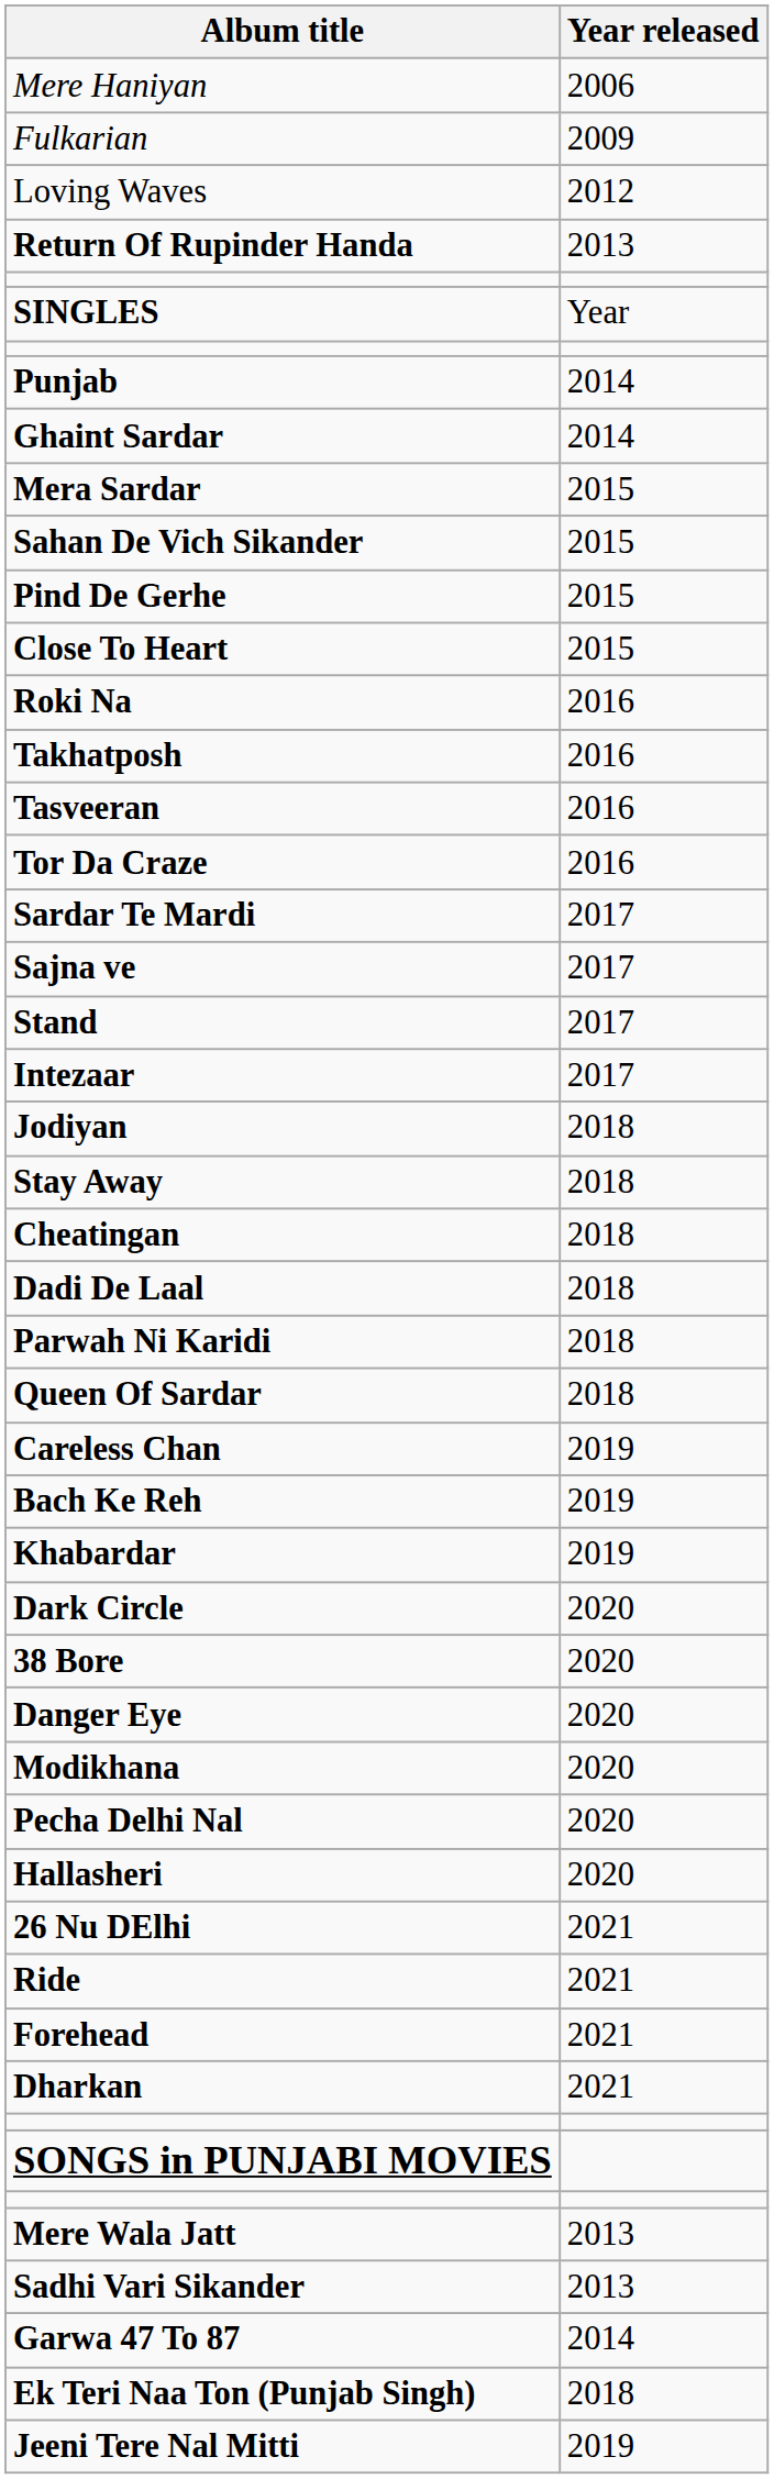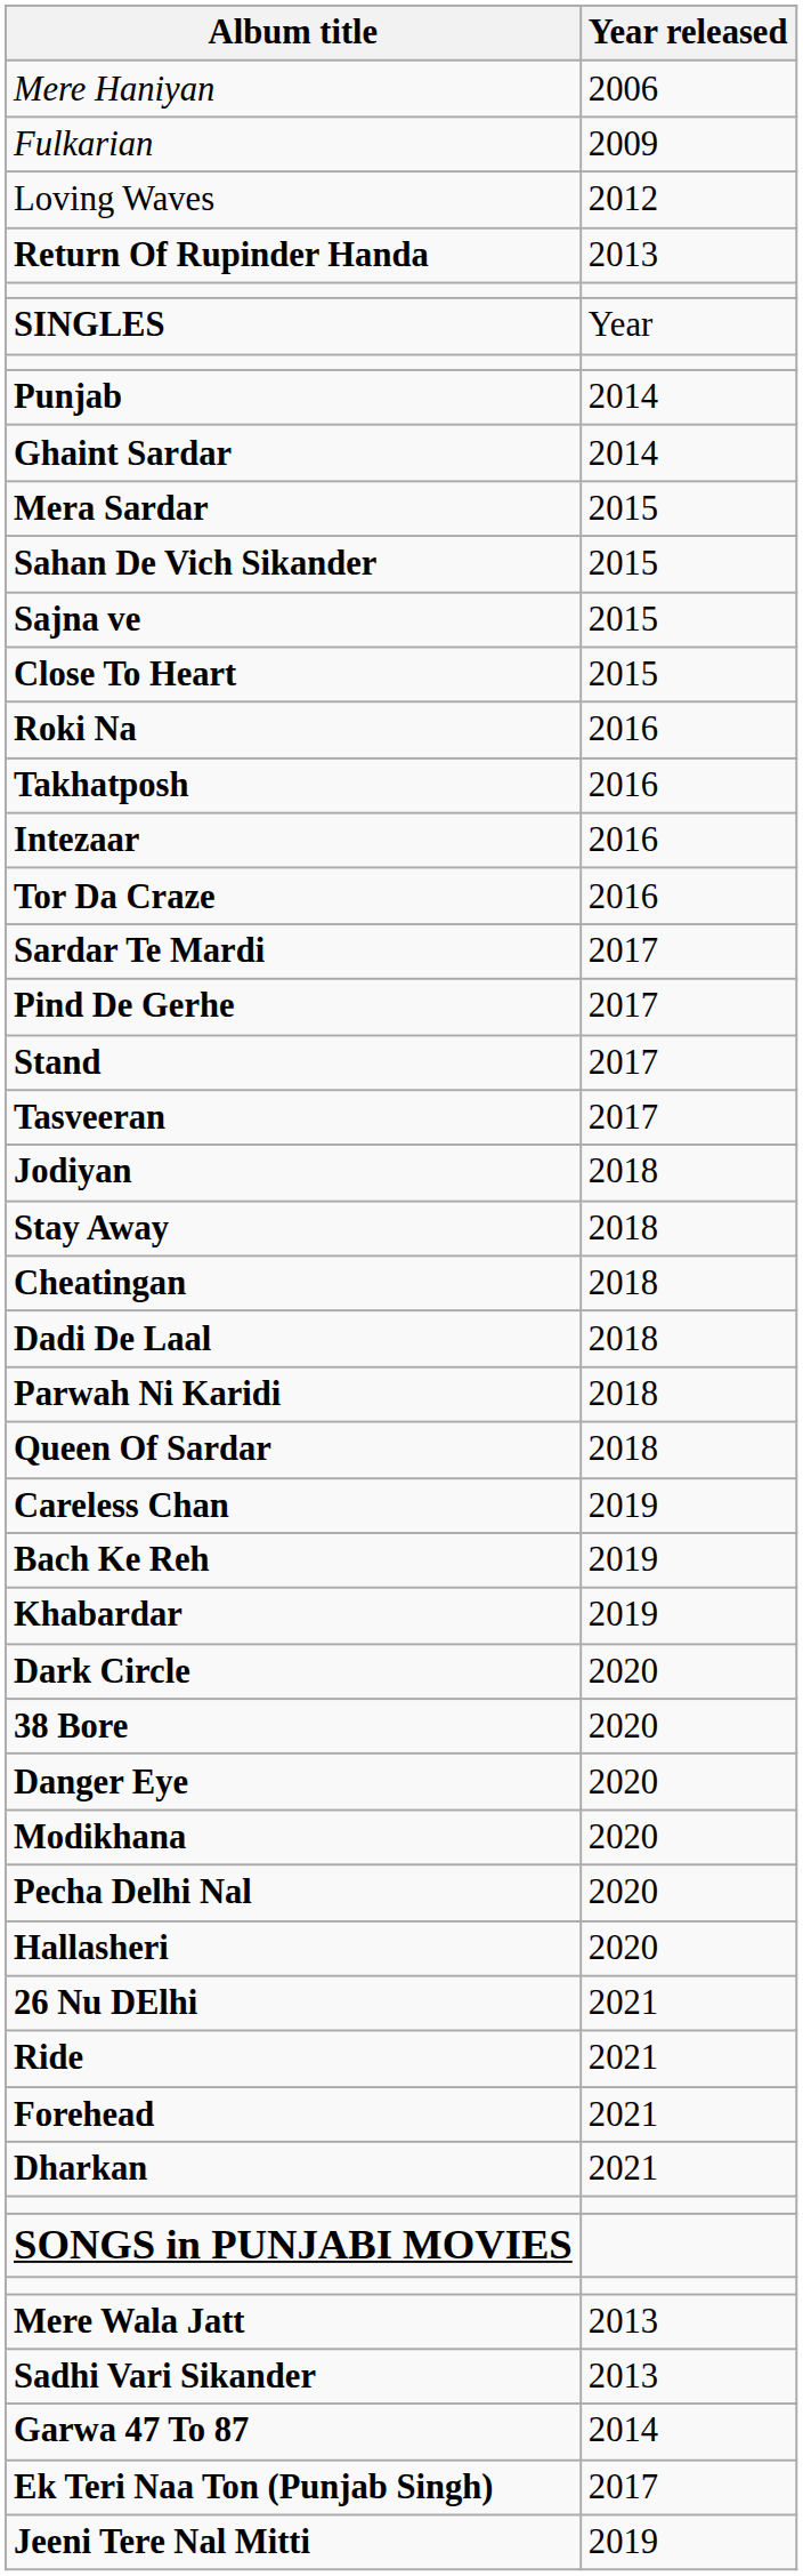 <table class="wikitable">
 <tr style="background:#ccc; text-align:center;">
 <th>Album title</th>
 <th>Year released</th>
 </tr>
 <tr>
 <td><em>Mere Haniyan</em></td>
 <td>2006</td>
 </tr>
 <tr>
 <td><em>Fulkarian</em></td>
 <td>2009</td>
 </tr>
 <tr>
 <td>Loving Waves</td>
 <td>2012</td>
 </tr>
 <tr>
 <td><strong>Return Of Rupinder Handa</strong></td>
 <td>2013</td>
 </tr>
 <tr>
 <td></td>
 <td></td>
 </tr>
 <tr>
 <td><strong>SINGLES</strong></td>
 <td>Year</td>
 </tr>
 <tr>
 <td></td>
 <td></td>
 </tr>
 <tr>
 <td><strong>Punjab</strong></td>
 <td>2014</td>
 </tr>
 <tr>
 <td><strong>Ghaint Sardar</strong></td>
 <td>2014</td>
 </tr>
 <tr>
 <td><strong>Mera Sardar</strong></td>
 <td>2015</td>
 </tr>
 <tr>
 <td><strong>Sahan De Vich          Sikander</strong></td>
 <td>2015</td>
 </tr>
 <tr>
-<td><strong>Pind De Gerhe</strong></td>
+<td><strong>Sajna ve</strong></td>
 <td>2015</td>
 </tr>
 <tr>
 <td><strong>Close To Heart</strong></td>
 <td>2015</td>
 </tr>
 <tr>
 <td><strong>Roki Na</strong></td>
 <td>2016</td>
 </tr>
 <tr>
 <td><strong>Takhatposh</strong></td>
 <td>2016</td>
 </tr>
 <tr>
-<td><strong>Tasveeran</strong></td>
+<td><strong>Intezaar</strong></td>
 <td>2016</td>
 </tr>
 <tr>
 <td><strong>Tor Da Craze</strong></td>
 <td>2016</td>
 </tr>
 <tr>
 <td><strong>Sardar Te Mardi</strong></td>
 <td>2017</td>
 </tr>
 <tr>
-<td><strong>Sajna ve</strong></td>
+<td><strong>Pind De Gerhe</strong></td>
 <td>2017</td>
 </tr>
 <tr>
 <td><strong>Stand</strong></td>
 <td>2017</td>
 </tr>
 <tr>
-<td><strong>Intezaar</strong></td>
+<td><strong>Tasveeran</strong></td>
 <td>2017</td>
 </tr>
 <tr>
 <td><strong>Jodiyan</strong></td>
 <td>2018</td>
 </tr>
 <tr>
 <td><strong>Stay Away</strong></td>
 <td>2018</td>
 </tr>
 <tr>
 <td><strong>Cheatingan</strong></td>
 <td>2018</td>
 </tr>
 <tr>
 <td><strong>Dadi De Laal</strong></td>
 <td>2018</td>
 </tr>
 <tr>
 <td><strong>Parwah Ni Karidi</strong></td>
 <td>2018</td>
 </tr>
 <tr>
 <td><strong>Queen Of Sardar</strong></td>
 <td>2018</td>
 </tr>
 <tr>
 <td><strong>Careless Chan</strong></td>
 <td>2019</td>
 </tr>
 <tr>
 <td><strong>Bach Ke Reh</strong></td>
 <td>2019</td>
 </tr>
 <tr>
 <td><strong>Khabardar</strong></td>
 <td>2019</td>
 </tr>
 <tr>
 <td><strong>Dark Circle</strong></td>
 <td>2020</td>
 </tr>
 <tr>
 <td><strong>38 Bore</strong></td>
 <td>2020</td>
 </tr>
 <tr>
 <td><strong>Danger Eye</strong></td>
 <td>2020</td>
 </tr>
 <tr>
 <td><strong>Modikhana</strong></td>
 <td>2020</td>
 </tr>
 <tr>
 <td><strong>Pecha Delhi Nal</strong></td>
 <td>2020</td>
 </tr>
 <tr>
 <td><strong>Hallasheri</strong></td>
 <td>2020</td>
 </tr>
 <tr>
 <td><strong>26 Nu DElhi</strong></td>
 <td>2021</td>
 </tr>
 <tr>
 <td><strong>Ride</strong></td>
 <td>2021</td>
 </tr>
 <tr>
 <td><strong>Forehead</strong></td>
 <td>2021</td>
 </tr>
 <tr>
 <td><strong>Dharkan</strong></td>
 <td>2021</td>
 </tr>
 <tr>
 <td></td>
 <td></td>
 </tr>
 <tr>
 <td><big><u><strong>SONGS  in  PUNJABI MOVIES</strong></u></big></td>
 <td></td>
 </tr>
 <tr>
 <td></td>
 <td></td>
 </tr>
 <tr>
 <td><strong>Mere Wala Jatt</strong></td>
 <td>2013</td>
 </tr>
 <tr>
 <td><strong>Sadhi Vari                   Sikander</strong></td>
 <td>2013</td>
 </tr>
 <tr>
 <td><strong>Garwa                        47 To 87</strong></td>
 <td>2014</td>
 </tr>
 <tr>
 <td><strong>Ek Teri Naa Ton (Punjab Singh)</strong></td>
-<td>2018</td>
+<td>2017</td>
 </tr>
 <tr>
 <td><strong>Jeeni Tere Nal                      Mitti</strong></td>
 <td>2019</td>
 </tr>
 </table>
